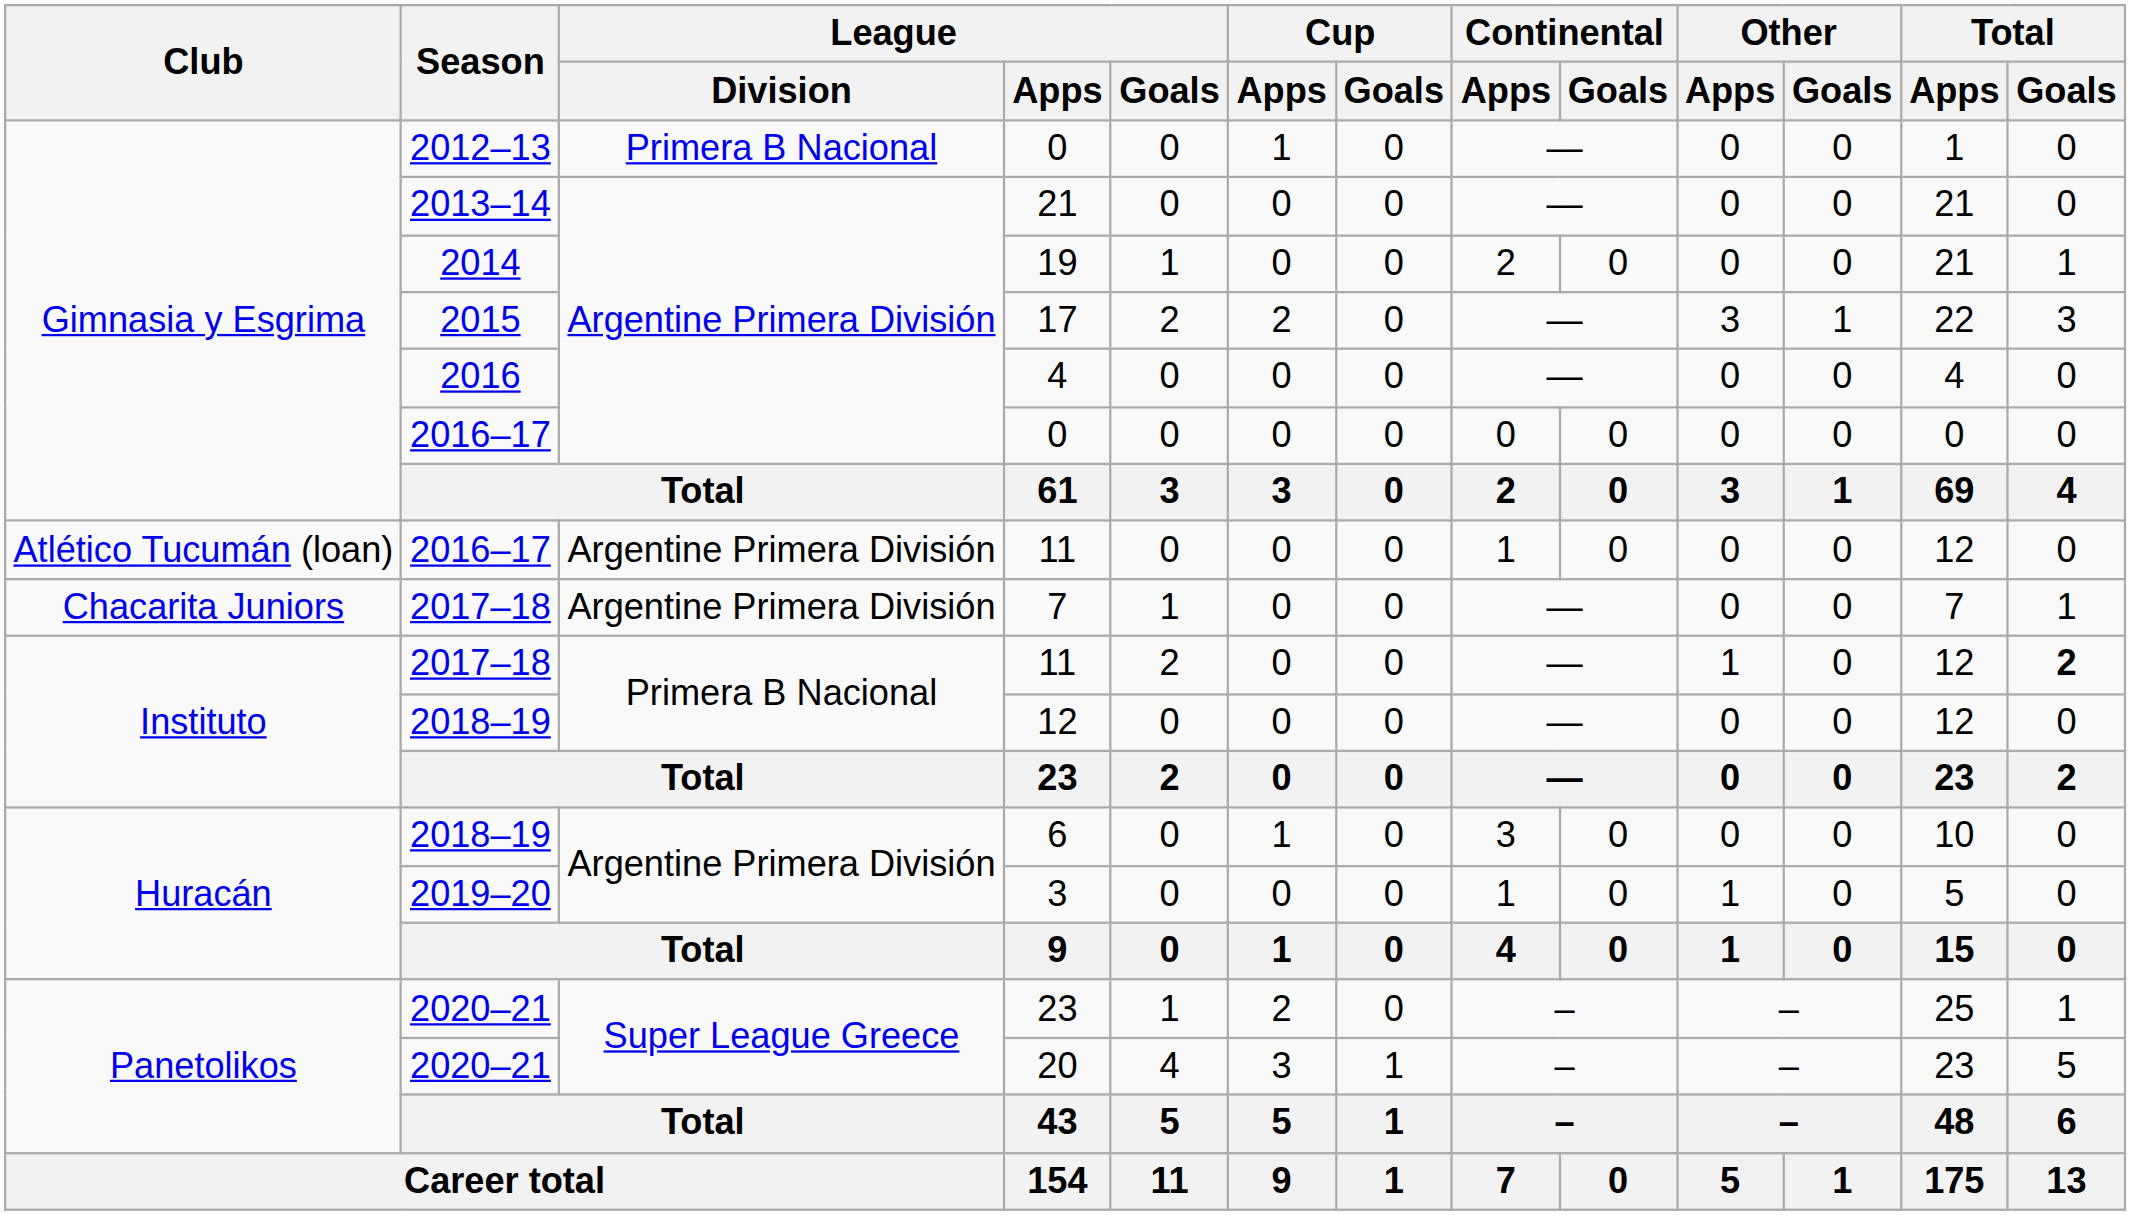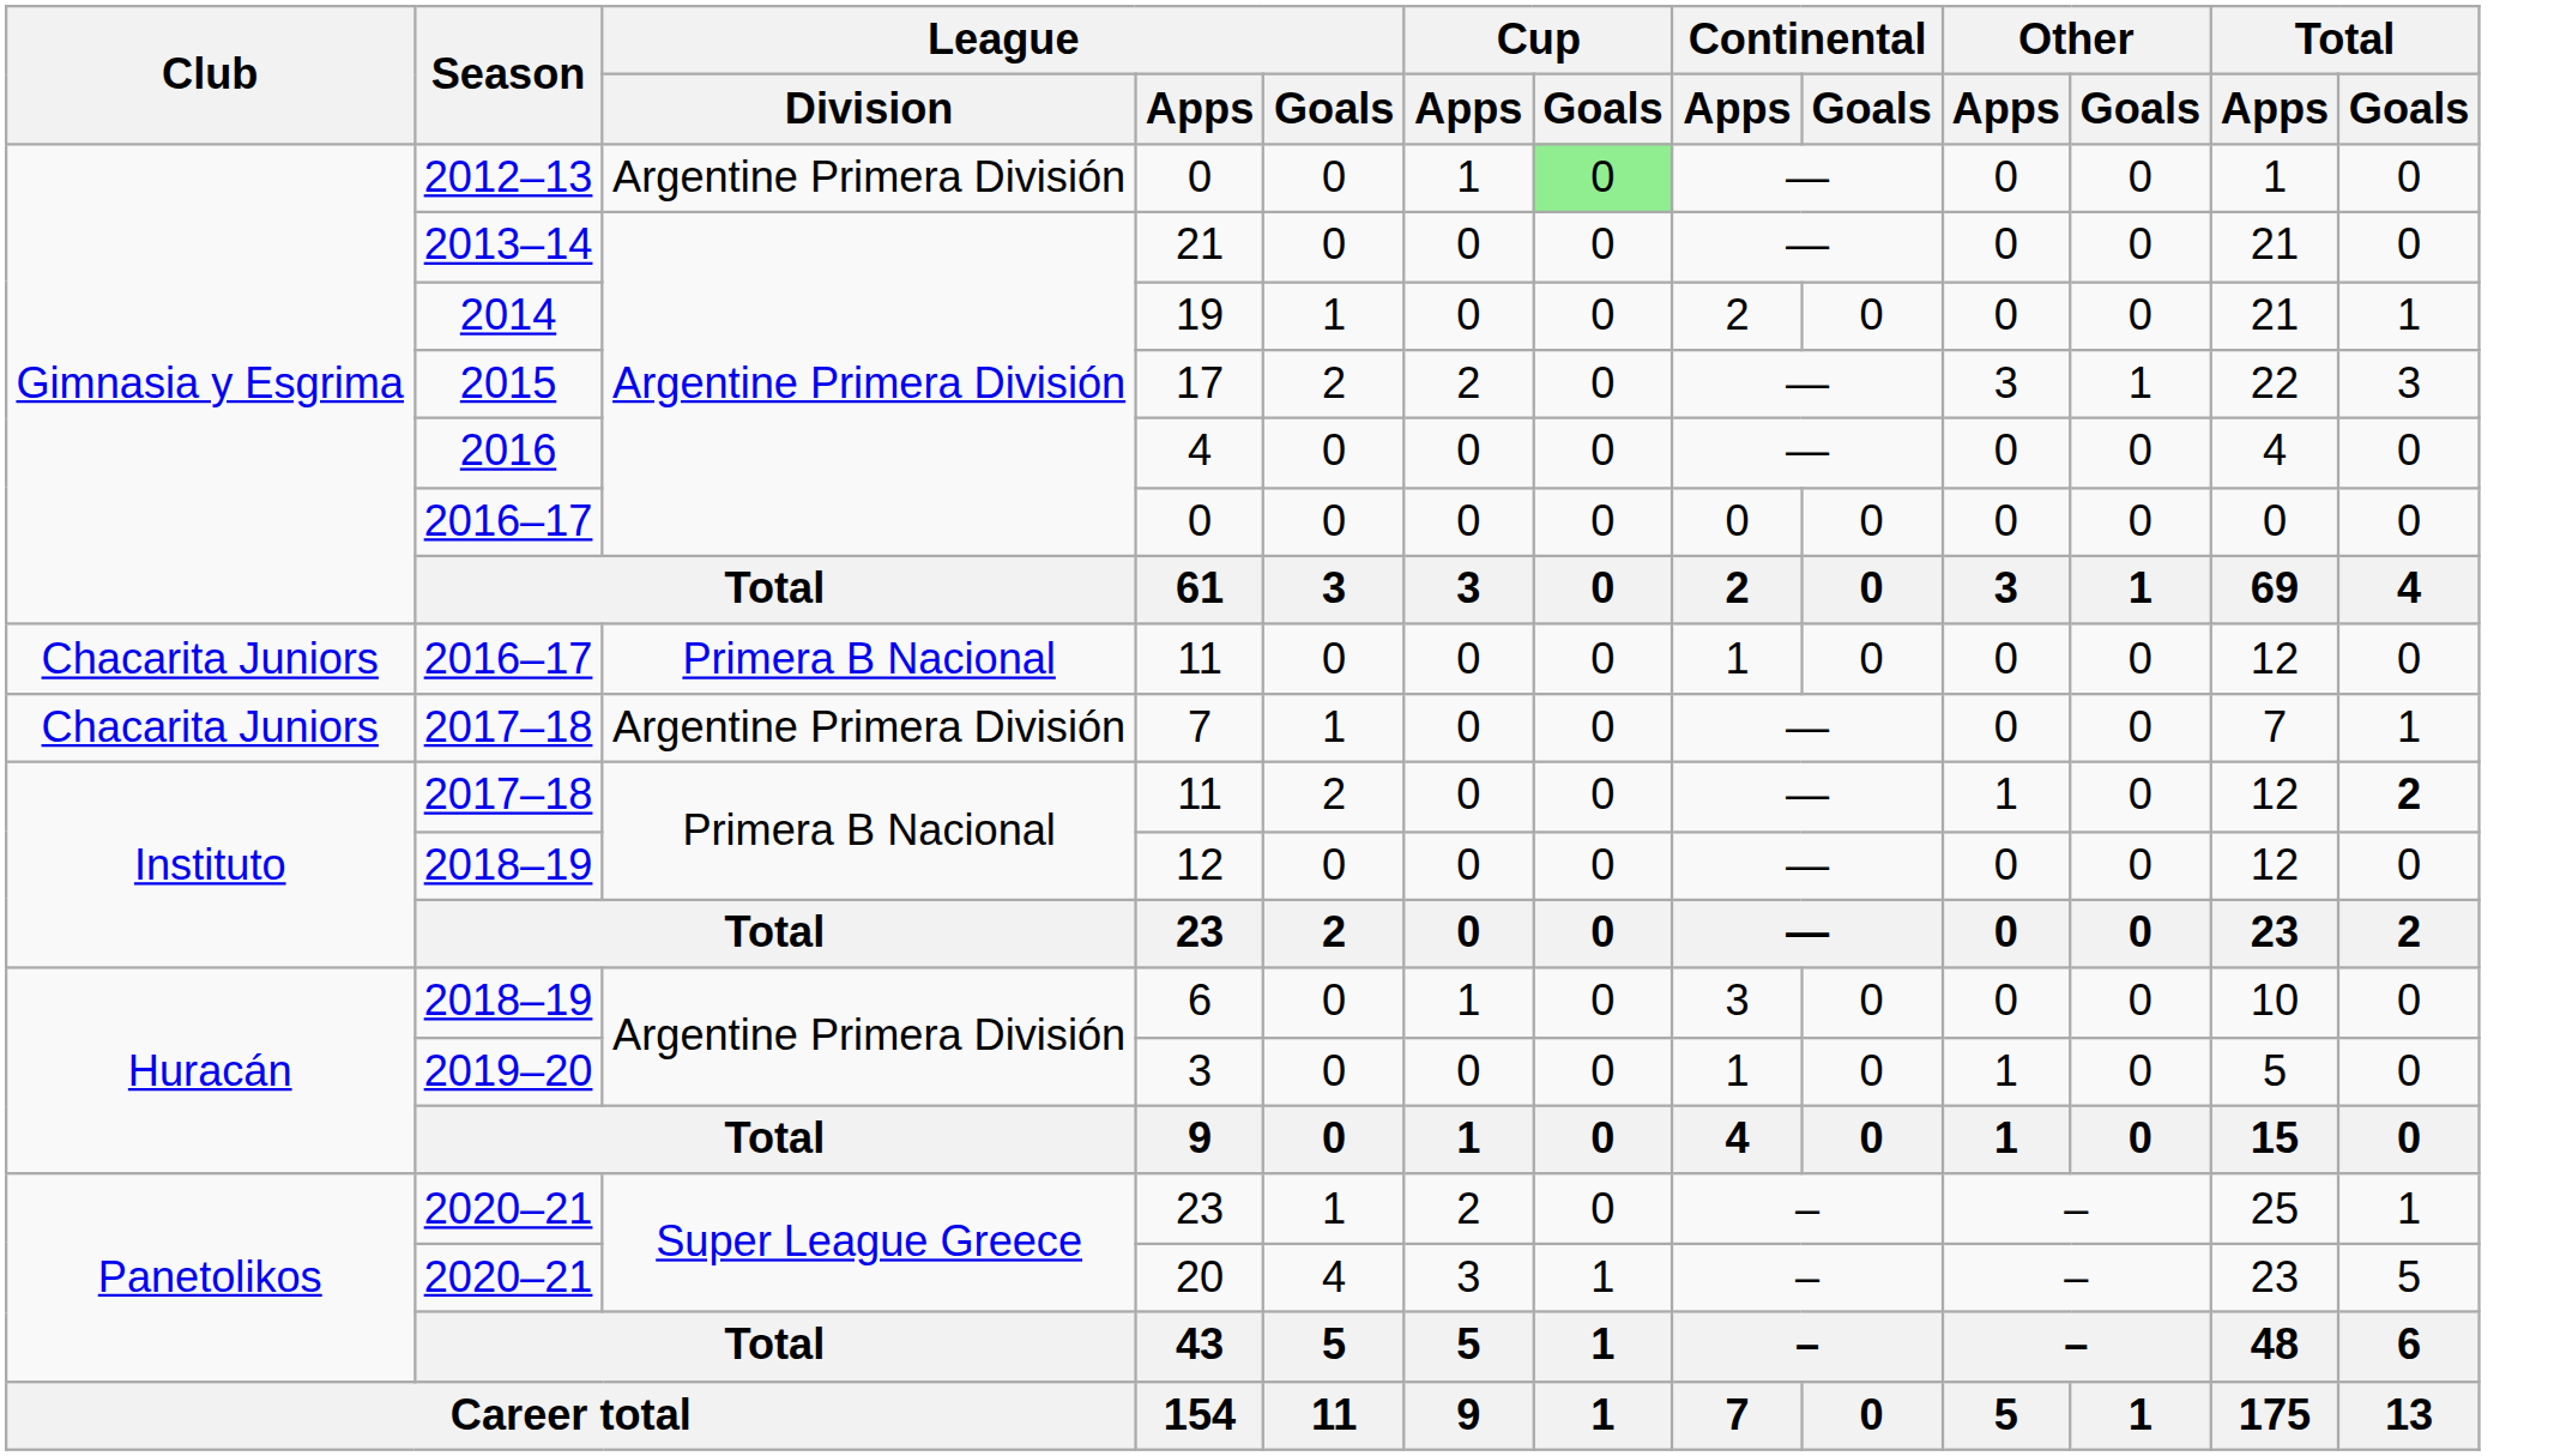 <table class="wikitable" style="text-align:center">
 <tr>
 <th rowspan="2">Club</th>
 <th rowspan="2">Season</th>
 <th colspan="3">League</th>
 <th colspan="2">Cup</th>
 <th colspan="2">Continental</th>
 <th colspan="2">Other</th>
 <th colspan="2">Total</th>
 </tr>
 <tr>
 <th>Division</th>
 <th>Apps</th>
 <th>Goals</th>
 <th>Apps</th>
 <th>Goals</th>
 <th>Apps</th>
 <th>Goals</th>
 <th>Apps</th>
 <th>Goals</th>
 <th>Apps</th>
 <th>Goals</th>
 </tr>
 <tr>
 <td rowspan="7"><a href='#'>Gimnasia y Esgrima</a></td>
 <td><a href='#'>2012–13</a></td>
-<td rowspan="1"><a href='#'>Primera B Nacional</a></td>
+<td>Argentine Primera División</td>
 <td>0</td>
 <td>0</td>
 <td>1</td>
-<td>0</td>
+<td style="background: lightgreen;">0</td>
 <td colspan="2">—</td>
 <td>0</td>
 <td>0</td>
 <td>1</td>
 <td>0</td>
 </tr>
 <tr>
 <td><a href='#'>2013–14</a></td>
 <td rowspan="5"><a href='#'>Argentine Primera División</a></td>
 <td>21</td>
 <td>0</td>
 <td>0</td>
 <td>0</td>
 <td colspan="2">—</td>
 <td>0</td>
 <td>0</td>
 <td>21</td>
 <td>0</td>
 </tr>
 <tr>
 <td><a href='#'>2014</a></td>
 <td>19</td>
 <td>1</td>
 <td>0</td>
 <td>0</td>
 <td>2</td>
 <td>0</td>
 <td>0</td>
 <td>0</td>
 <td>21</td>
 <td>1</td>
 </tr>
 <tr>
 <td><a href='#'>2015</a></td>
 <td>17</td>
 <td>2</td>
 <td>2</td>
 <td>0</td>
 <td colspan="2">—</td>
 <td>3</td>
 <td>1</td>
 <td>22</td>
 <td>3</td>
 </tr>
 <tr>
 <td><a href='#'>2016</a></td>
 <td>4</td>
 <td>0</td>
 <td>0</td>
 <td>0</td>
 <td colspan="2">—</td>
 <td>0</td>
 <td>0</td>
 <td>4</td>
 <td>0</td>
 </tr>
 <tr>
 <td><a href='#'>2016–17</a></td>
 <td>0</td>
 <td>0</td>
 <td>0</td>
 <td>0</td>
 <td>0</td>
 <td>0</td>
 <td>0</td>
 <td>0</td>
 <td>0</td>
 <td>0</td>
 </tr>
 <tr>
 <th colspan="2">Total</th>
 <th>61</th>
 <th>3</th>
 <th>3</th>
 <th>0</th>
 <th>2</th>
 <th>0</th>
 <th>3</th>
 <th>1</th>
 <th>69</th>
 <th>4</th>
 </tr>
 <tr>
-<td rowspan="1"><a href='#'>Atlético Tucumán</a> (loan)</td>
+<td rowspan="1"><a href='#'>Chacarita Juniors</a></td>
 <td><a href='#'>2016–17</a></td>
-<td>Argentine Primera División</td>
+<td rowspan="1"><a href='#'>Primera B Nacional</a></td>
 <td>11</td>
 <td>0</td>
 <td>0</td>
 <td>0</td>
 <td>1</td>
 <td>0</td>
 <td>0</td>
 <td>0</td>
 <td>12</td>
 <td>0</td>
 </tr>
 <tr>
 <td rowspan="1"><a href='#'>Chacarita Juniors</a></td>
 <td><a href='#'>2017–18</a></td>
 <td>Argentine Primera División</td>
 <td>7</td>
 <td>1</td>
 <td>0</td>
 <td>0</td>
 <td colspan="2">—</td>
 <td>0</td>
 <td>0</td>
 <td>7</td>
 <td>1</td>
 </tr>
 <tr>
 <td rowspan="3"><a href='#'>Instituto</a></td>
 <td><a href='#'>2017–18</a></td>
 <td rowspan="2">Primera B Nacional</td>
 <td>11</td>
 <td>2</td>
 <td>0</td>
 <td>0</td>
 <td colspan="2">—</td>
 <td>1</td>
 <td>0</td>
 <td>12</td>
 <td><strong>2</strong></td>
 </tr>
 <tr>
 <td><a href='#'>2018–19</a></td>
 <td>12</td>
 <td>0</td>
 <td>0</td>
 <td>0</td>
 <td colspan="2">—</td>
 <td>0</td>
 <td>0</td>
 <td>12</td>
 <td>0</td>
 </tr>
 <tr>
 <th colspan="2">Total</th>
 <th>23</th>
 <th>2</th>
 <th>0</th>
 <th>0</th>
 <th colspan="2">—</th>
 <th>0</th>
 <th>0</th>
 <th>23</th>
 <th>2</th>
 </tr>
 <tr>
 <td rowspan="3"><a href='#'>Huracán</a></td>
 <td><a href='#'>2018–19</a></td>
 <td rowspan="2">Argentine Primera División</td>
 <td>6</td>
 <td>0</td>
 <td>1</td>
 <td>0</td>
 <td>3</td>
 <td>0</td>
 <td>0</td>
 <td>0</td>
 <td>10</td>
 <td>0</td>
 </tr>
 <tr>
 <td><a href='#'>2019–20</a></td>
 <td>3</td>
 <td>0</td>
 <td>0</td>
 <td>0</td>
 <td>1</td>
 <td>0</td>
 <td>1</td>
 <td>0</td>
 <td>5</td>
 <td>0</td>
 </tr>
 <tr>
 <th colspan="2">Total</th>
 <th>9</th>
 <th>0</th>
 <th>1</th>
 <th>0</th>
 <th>4</th>
 <th>0</th>
 <th>1</th>
 <th>0</th>
 <th>15</th>
 <th>0</th>
 </tr>
 <tr>
 <td rowspan="3"><a href='#'>Panetolikos</a></td>
 <td><a href='#'>2020–21</a></td>
 <td rowspan="2"><a href='#'>Super League Greece</a></td>
 <td>23</td>
 <td>1</td>
 <td>2</td>
 <td>0</td>
 <td colspan="2">–</td>
 <td colspan="2">–</td>
 <td>25</td>
 <td>1</td>
 </tr>
 <tr>
 <td><a href='#'>2020–21</a></td>
 <td>20</td>
 <td>4</td>
 <td>3</td>
 <td>1</td>
 <td colspan="2">–</td>
 <td colspan="2">–</td>
 <td>23</td>
 <td>5</td>
 </tr>
 <tr>
 <th colspan="2">Total</th>
 <th>43</th>
 <th>5</th>
 <th>5</th>
 <th>1</th>
 <th colspan="2">–</th>
 <th colspan="2">–</th>
 <th>48</th>
 <th>6</th>
 </tr>
 <tr>
 <th colspan="3">Career total</th>
 <th>154</th>
 <th>11</th>
 <th>9</th>
 <th>1</th>
 <th>7</th>
 <th>0</th>
 <th>5</th>
 <th>1</th>
 <th>175</th>
 <th>13</th>
 </tr>
 </table>
